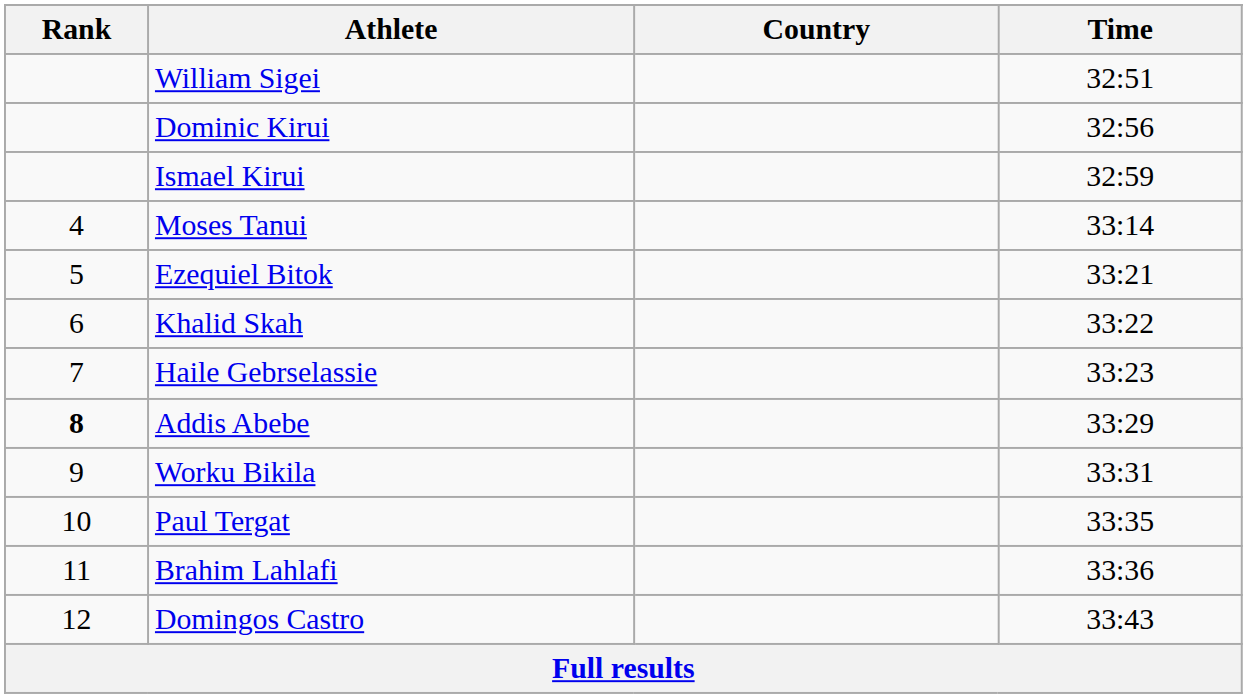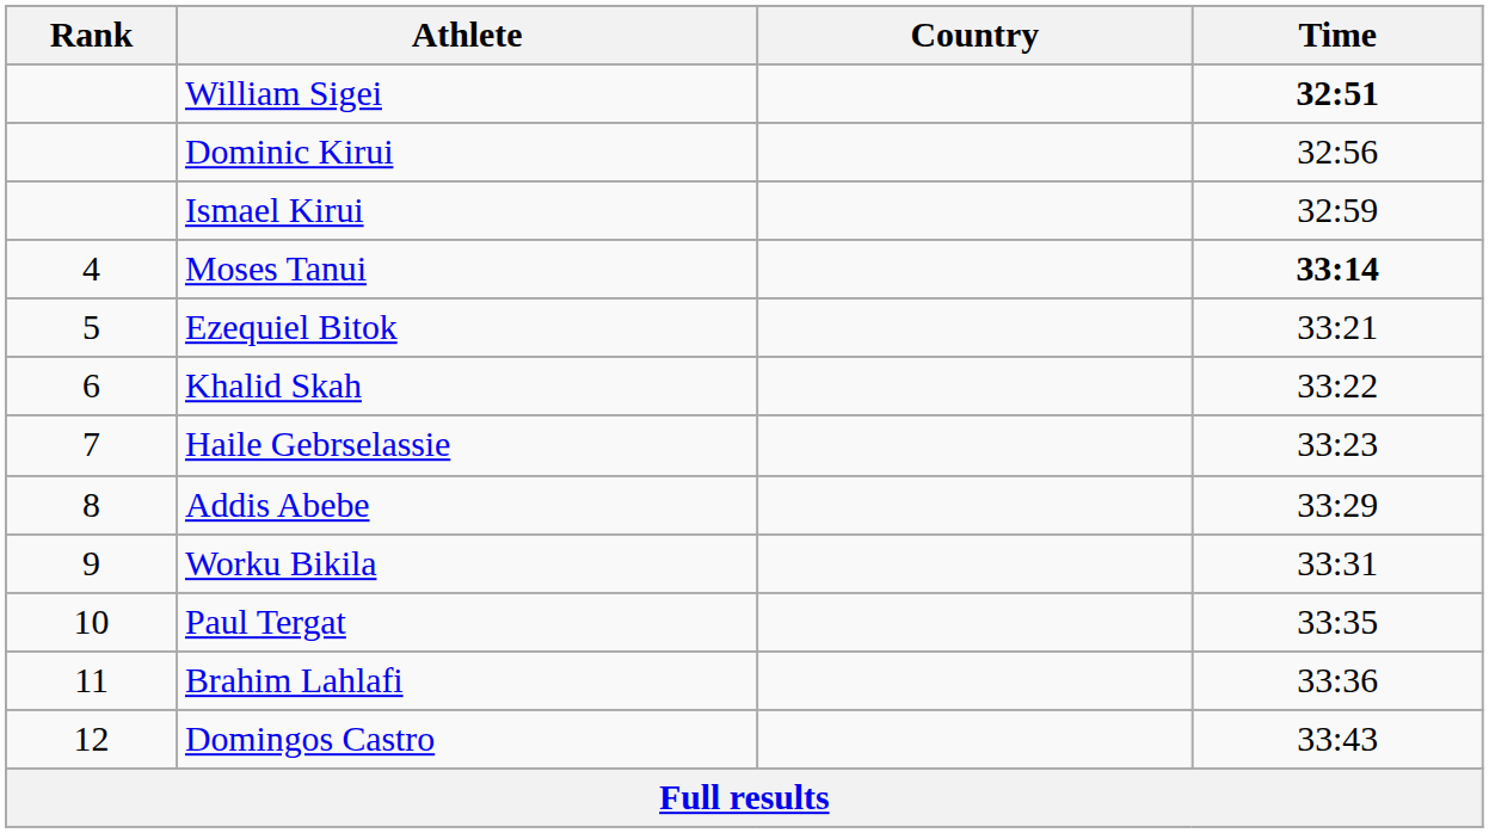 <table class="wikitable sortable" style=" text-align:center; font-size:95%;" width="50%">
 <tr>
 </tr>
 <tr>
 <th width=5%>Rank</th>
 <th width=20%>Athlete</th>
 <th width=15%>Country</th>
 <th width=10%>Time</th>
 </tr>
 <tr>
 <td align=center></td>
 <td align=left><a href='#'>William Sigei</a></td>
 <td align=left></td>
-<td>32:51</td>
+<td><strong>32:51</strong></td>
 </tr>
 <tr>
 <td align=center></td>
 <td align=left><a href='#'>Dominic Kirui</a></td>
 <td align=left></td>
 <td>32:56</td>
 </tr>
 <tr>
 <td align=center></td>
 <td align=left><a href='#'>Ismael Kirui</a></td>
 <td align=left></td>
 <td>32:59</td>
 </tr>
 <tr>
 <td align=center>4</td>
 <td align=left><a href='#'>Moses Tanui</a></td>
 <td align=left></td>
-<td>33:14</td>
+<td><strong>33:14</strong></td>
 </tr>
 <tr>
 <td align=center>5</td>
 <td align=left><a href='#'>Ezequiel Bitok</a></td>
 <td align=left></td>
 <td>33:21</td>
 </tr>
 <tr>
 <td align=center>6</td>
 <td align=left><a href='#'>Khalid Skah</a></td>
 <td align=left></td>
 <td>33:22</td>
 </tr>
 <tr>
 <td align=center>7</td>
 <td align=left><a href='#'>Haile Gebrselassie</a></td>
 <td align=left></td>
 <td>33:23</td>
 </tr>
 <tr>
-<td align=center><strong>8</strong></td>
+<td align=center>8</td>
 <td align=left><a href='#'>Addis Abebe</a></td>
 <td align=left></td>
 <td>33:29</td>
 </tr>
 <tr>
 <td align=center>9</td>
 <td align=left><a href='#'>Worku Bikila</a></td>
 <td align=left></td>
 <td>33:31</td>
 </tr>
 <tr>
 <td align=center>10</td>
 <td align=left><a href='#'>Paul Tergat</a></td>
 <td align=left></td>
 <td>33:35</td>
 </tr>
 <tr>
 <td align=center>11</td>
 <td align=left><a href='#'>Brahim Lahlafi</a></td>
 <td align=left></td>
 <td>33:36</td>
 </tr>
 <tr>
 <td align=center>12</td>
 <td align=left><a href='#'>Domingos Castro</a></td>
 <td align=left></td>
 <td>33:43</td>
 </tr>
 <tr class="sortbottom">
 <th colspan=4 align=center><a href='#'>Full results</a></th>
 </tr>
 </table>
